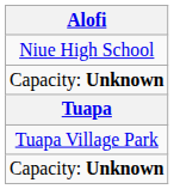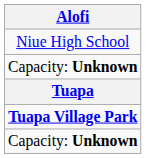 <table class=wikitable align="center" style="text-align:center;">
 <tr>
 <th> <a href='#'>Alofi</a></th>
 </tr>
 <tr>
 <td><a href='#'>Niue High School</a></td>
 </tr>
 <tr>
 <td>Capacity: <strong>Unknown</strong></td>
 </tr>
 <tr>
 <th> <a href='#'>Tuapa</a></th>
 </tr>
 <tr>
-<td><a href='#'>Tuapa Village Park</a></td>
+<td><strong><a href='#'>Tuapa Village Park</a></strong></td>
 </tr>
 <tr>
 <td>Capacity: <strong>Unknown</strong></td>
 </tr>
 </table>
